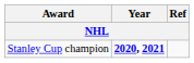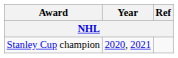 <table class="wikitable">
 <tr>
 <th>Award</th>
 <th>Year</th>
 <th>Ref</th>
 </tr>
 <tr>
 <th colspan="3"><a href='#'>NHL</a></th>
 </tr>
 <tr>
 <td><a href='#'>Stanley Cup</a> champion</td>
-<td><strong><a href='#'>2020</a>, <a href='#'>2021</a></strong></td>
+<td><a href='#'>2020</a>, <a href='#'>2021</a></td>
 <td></td>
 </tr>
 </table>
